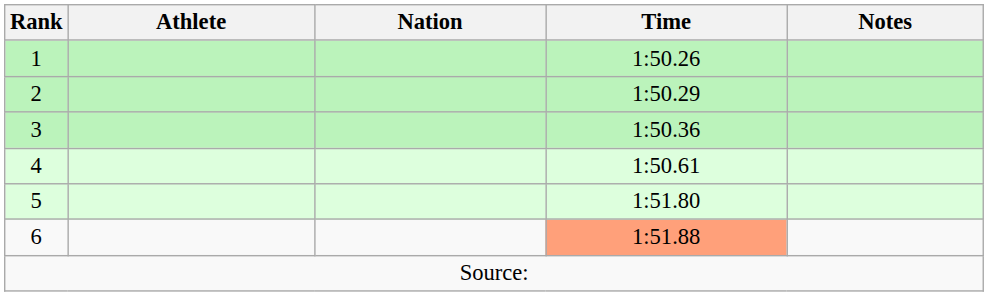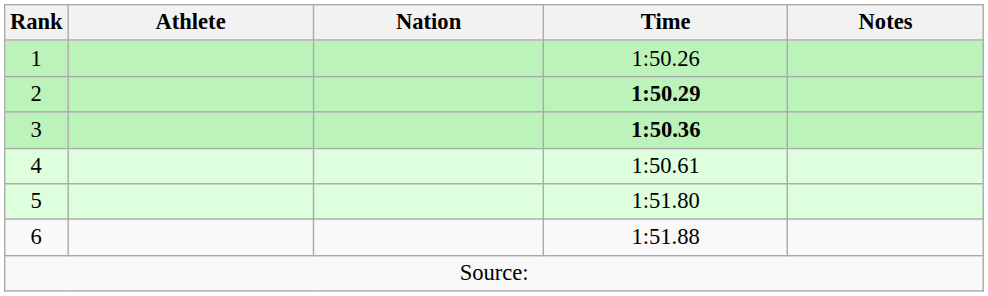 <table class="wikitable sortable" style="text-align:center;width: 55%;">
 <tr>
 <th scope="col" style="width: 10px;">Rank</th>
 <th scope="col">Athlete</th>
 <th scope="col">Nation</th>
 <th scope="col">Time</th>
 <th scope="col">Notes</th>
 </tr>
 <tr bgcolor=bbf3bb>
 <td>1</td>
 <td align=left></td>
 <td align=left></td>
 <td>1:50.26</td>
 <td></td>
 </tr>
 <tr bgcolor=bbf3bb>
 <td>2</td>
 <td align=left></td>
 <td align=left></td>
-<td>1:50.29</td>
+<td><strong>1:50.29</strong></td>
 <td></td>
 </tr>
 <tr bgcolor=bbf3bb>
 <td>3</td>
 <td align=left></td>
 <td align=left></td>
-<td>1:50.36</td>
+<td><strong>1:50.36</strong></td>
 <td></td>
 </tr>
 <tr bgcolor=ddffdd>
 <td>4</td>
 <td align=left></td>
 <td align=left></td>
 <td>1:50.61</td>
 <td></td>
 </tr>
 <tr bgcolor=ddffdd>
 <td>5</td>
 <td align=left></td>
 <td align=left></td>
 <td>1:51.80</td>
 <td></td>
 </tr>
 <tr>
 <td>6</td>
 <td align=left></td>
 <td align=left></td>
-<td style="background: lightsalmon;">1:51.88</td>
+<td>1:51.88</td>
 <td></td>
 </tr>
 <tr class="sortbottom">
 <td colspan="5">Source:</td>
 </tr>
 </table>
